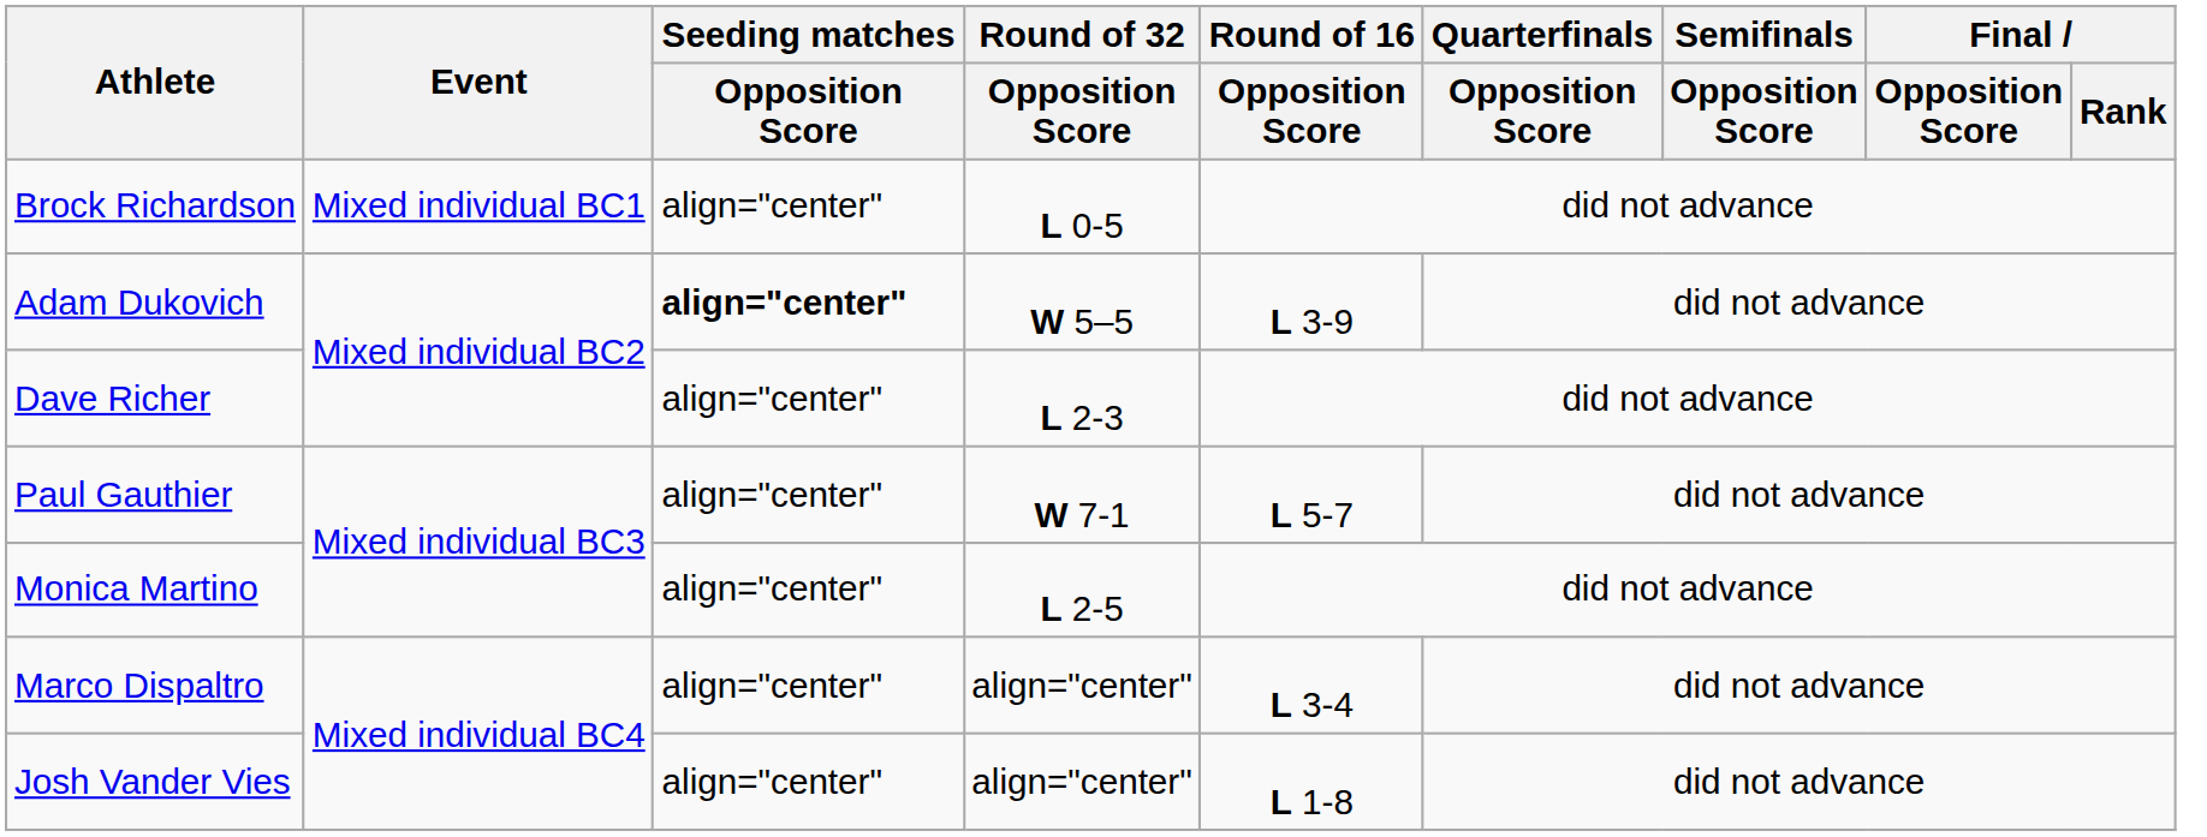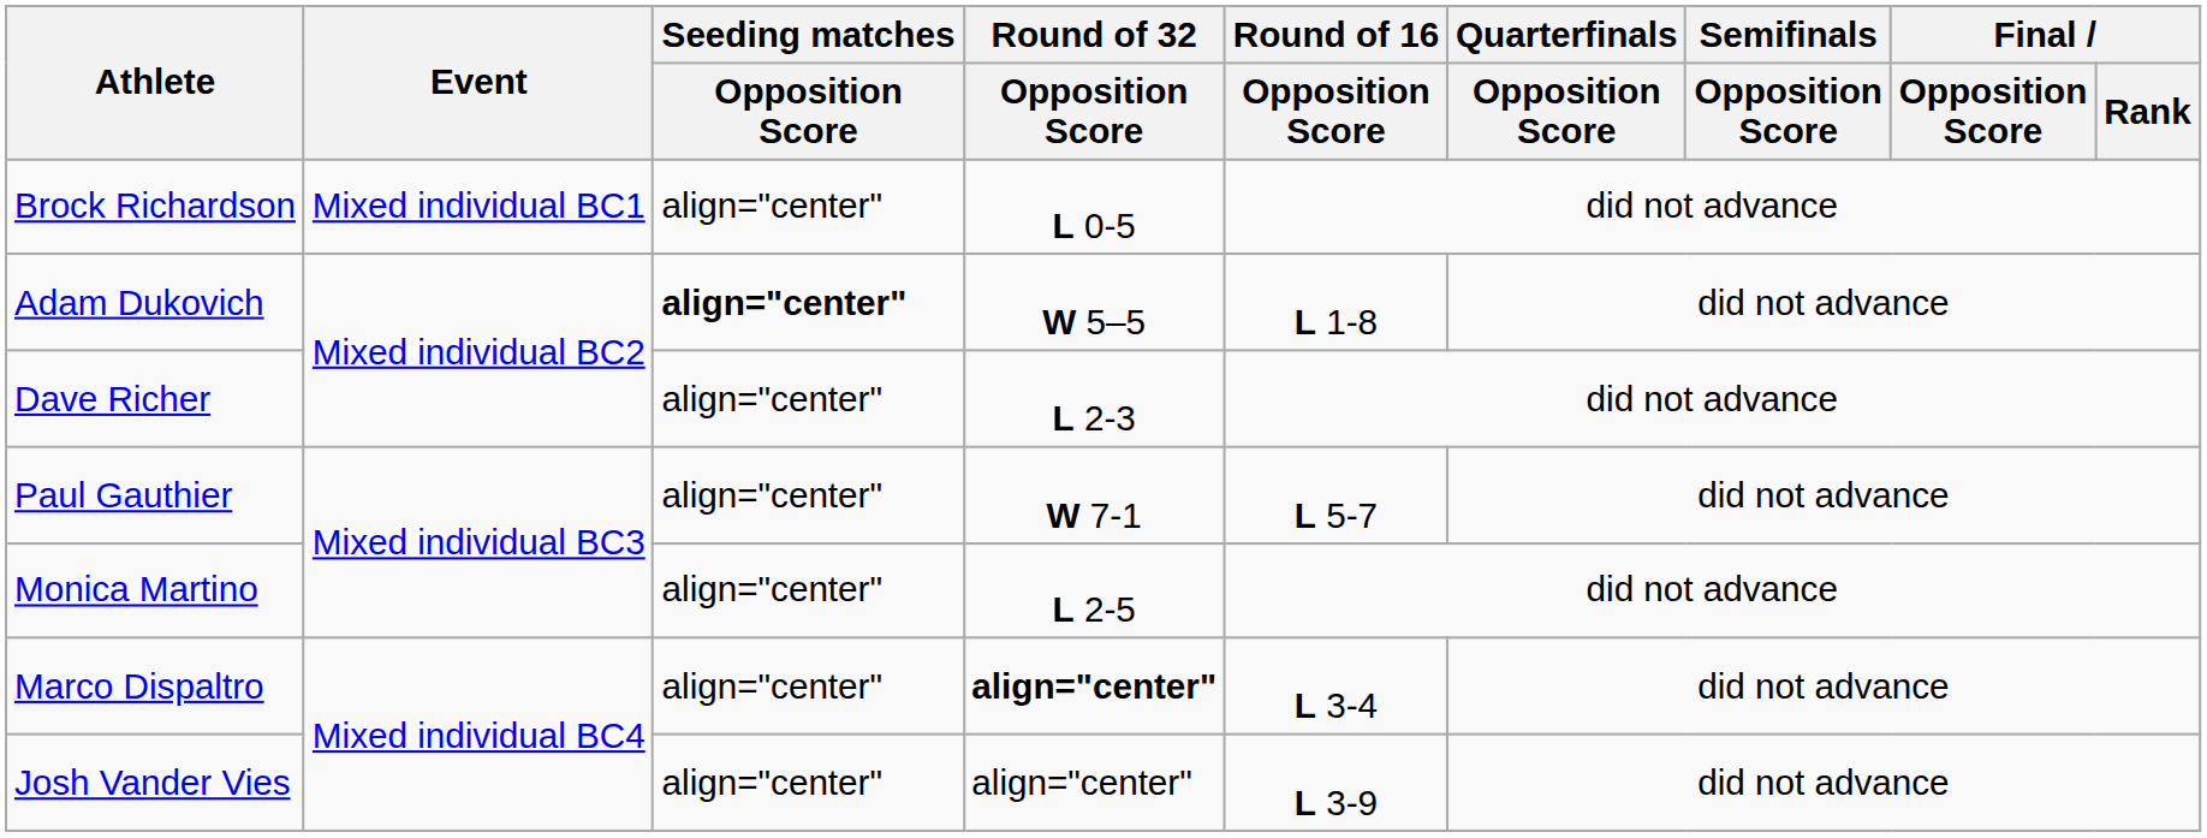 <table class=wikitable style="font-size:90%">
 <tr>
 <th rowspan="2">Athlete</th>
 <th rowspan="2">Event</th>
 <th>Seeding matches</th>
 <th>Round of 32</th>
 <th>Round of 16</th>
 <th>Quarterfinals</th>
 <th>Semifinals</th>
 <th colspan="2">Final / </th>
 </tr>
 <tr>
 <th>Opposition<br>Score</th>
 <th>Opposition<br>Score</th>
 <th>Opposition<br>Score</th>
 <th>Opposition<br>Score</th>
 <th>Opposition<br>Score</th>
 <th>Opposition<br>Score</th>
 <th>Rank</th>
 </tr>
 <tr>
 <td><a href='#'>Brock Richardson</a></td>
 <td><a href='#'>Mixed individual BC1</a></td>
 <td>align="center" </td>
 <td align="center"><br><strong>L</strong> 0-5</td>
 <td align="center" colspan=5>did not advance</td>
 </tr>
 <tr>
 <td><a href='#'>Adam Dukovich</a></td>
 <td rowspan="2"><a href='#'>Mixed individual BC2</a></td>
 <td><strong>align="center" </strong></td>
 <td align="center"><br><strong>W</strong> 5–5</td>
-<td align="center"><br><strong>L</strong> 3-9</td>
+<td align="center"><br><strong>L</strong> 1-8</td>
 <td align="center" colspan=4>did not advance</td>
 </tr>
 <tr>
 <td><a href='#'>Dave Richer</a></td>
 <td>align="center" </td>
 <td align="center"><br><strong>L</strong> 2-3</td>
 <td align="center" colspan=5>did not advance</td>
 </tr>
 <tr>
 <td><a href='#'>Paul Gauthier</a></td>
 <td rowspan="2"><a href='#'>Mixed individual BC3</a></td>
 <td>align="center" </td>
 <td align="center"><br><strong>W</strong> 7-1</td>
 <td align="center"><br><strong>L</strong> 5-7</td>
 <td align="center" colspan=4>did not advance</td>
 </tr>
 <tr>
 <td><a href='#'>Monica Martino</a></td>
 <td>align="center" </td>
 <td align="center"><br><strong>L</strong> 2-5</td>
 <td align="center" colspan=5>did not advance</td>
 </tr>
 <tr>
 <td><a href='#'>Marco Dispaltro</a></td>
 <td rowspan="2"><a href='#'>Mixed individual BC4</a></td>
 <td>align="center" </td>
-<td>align="center" </td>
+<td><strong>align="center" </strong></td>
 <td align="center"><br><strong>L</strong> 3-4</td>
 <td align="center" colspan=4>did not advance</td>
 </tr>
 <tr>
 <td><a href='#'>Josh Vander Vies</a></td>
 <td>align="center" </td>
 <td>align="center" </td>
-<td align="center"><br><strong>L</strong> 1-8</td>
+<td align="center"><br><strong>L</strong> 3-9</td>
 <td align="center" colspan=4>did not advance</td>
 </tr>
 </table>
